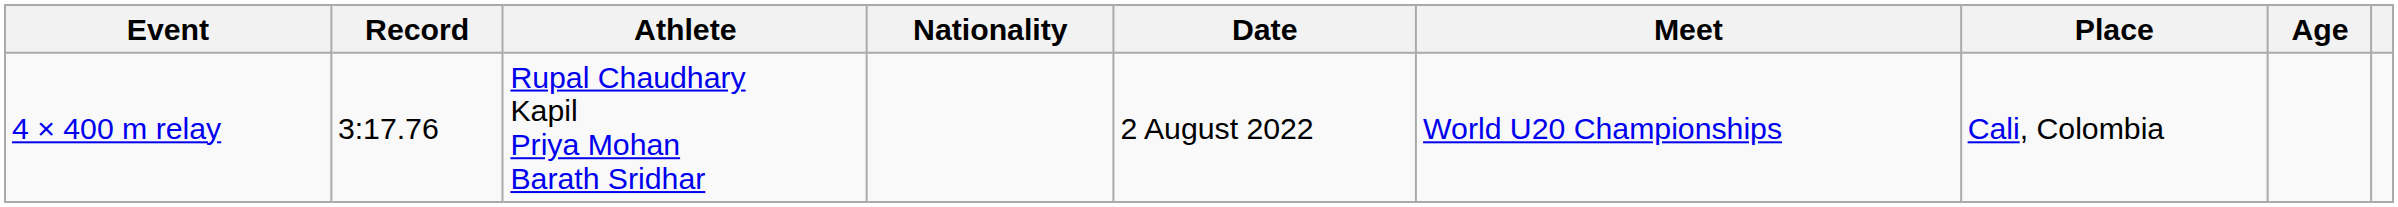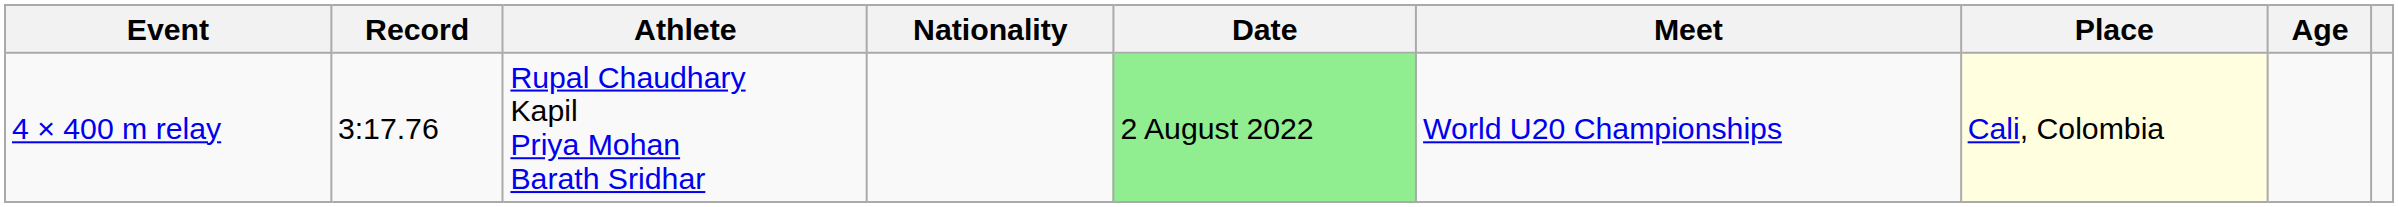 <table class="wikitable" style="font-size: 95%; width: 95%;">
 <tr>
 <th>Event</th>
 <th>Record</th>
 <th>Athlete</th>
 <th>Nationality</th>
 <th>Date</th>
 <th>Meet</th>
 <th>Place</th>
 <th>Age</th>
 <th></th>
 </tr>
 <tr>
 <td rowspan=4><a href='#'>4 × 400 m relay</a></td>
 <td>3:17.76 </td>
 <td><a href='#'>Rupal Chaudhary</a><br>Kapil<br><a href='#'>Priya Mohan</a><br><a href='#'>Barath Sridhar</a></td>
 <td></td>
-<td>2 August 2022</td>
+<td style="background: lightgreen;">2 August 2022</td>
 <td><a href='#'>World U20 Championships</a></td>
-<td><a href='#'>Cali</a>, Colombia</td>
+<td style="background: lightyellow;"><a href='#'>Cali</a>, Colombia</td>
 <td></td>
 <td></td>
 </tr>
 </table>
